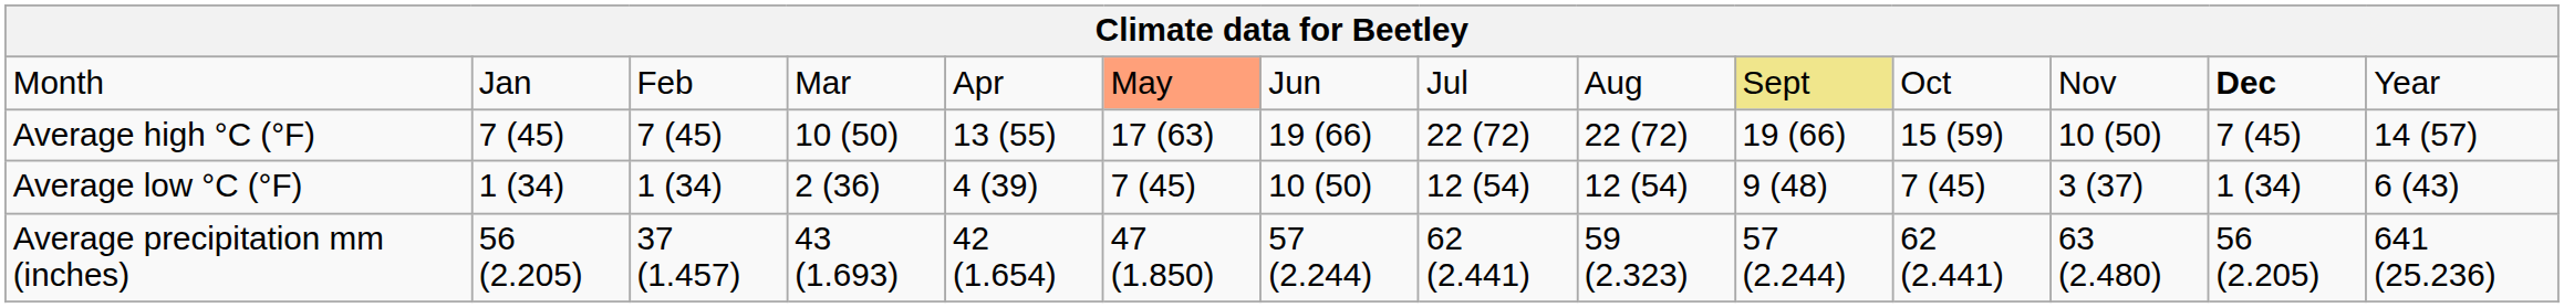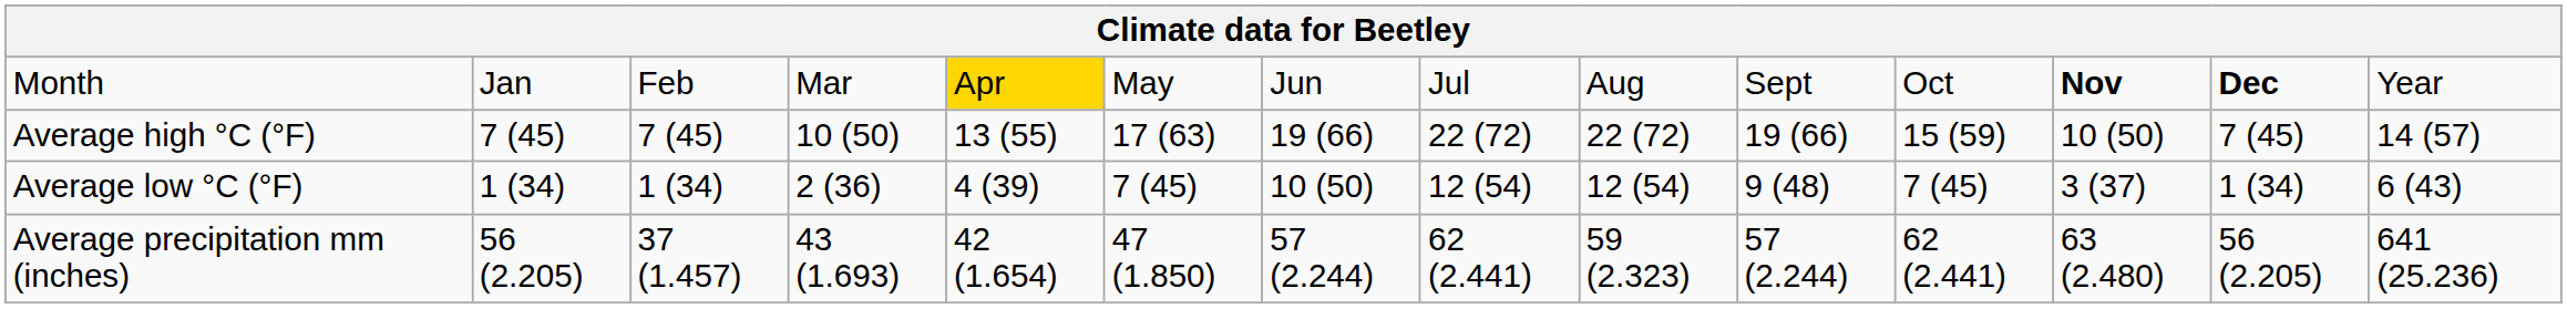 <table class="wikitable">
 <tr>
 <th colspan="14">Climate data for Beetley</th>
 </tr>
 <tr>
 <td>Month</td>
 <td>Jan</td>
 <td>Feb</td>
 <td>Mar</td>
-<td>Apr</td>
-<td style="background: lightsalmon;">May</td>
+<td style="background: gold;">Apr</td>
+<td>May</td>
 <td>Jun</td>
 <td>Jul</td>
 <td>Aug</td>
-<td style="background: khaki;">Sept</td>
+<td>Sept</td>
 <td>Oct</td>
-<td>Nov</td>
+<td><strong>Nov</strong></td>
 <td><strong>Dec</strong></td>
 <td>Year</td>
 </tr>
 <tr>
 <td>Average high °C (°F)</td>
 <td>7 (45)</td>
 <td>7 (45)</td>
 <td>10 (50)</td>
 <td>13 (55)</td>
 <td>17 (63)</td>
 <td>19 (66)</td>
 <td>22 (72)</td>
 <td>22 (72)</td>
 <td>19 (66)</td>
 <td>15 (59)</td>
 <td>10 (50)</td>
 <td>7 (45)</td>
 <td>14 (57)</td>
 </tr>
 <tr>
 <td>Average low °C (°F)</td>
 <td>1 (34)</td>
 <td>1 (34)</td>
 <td>2 (36)</td>
 <td>4 (39)</td>
 <td>7 (45)</td>
 <td>10 (50)</td>
 <td>12 (54)</td>
 <td>12 (54)</td>
 <td>9 (48)</td>
 <td>7 (45)</td>
 <td>3 (37)</td>
 <td>1 (34)</td>
 <td>6 (43)</td>
 </tr>
 <tr>
 <td>Average precipitation mm (inches)</td>
 <td>56 (2.205)</td>
 <td>37 (1.457)</td>
 <td>43 (1.693)</td>
 <td>42 (1.654)</td>
 <td>47 (1.850)</td>
 <td>57 (2.244)</td>
 <td>62 (2.441)</td>
 <td>59 (2.323)</td>
 <td>57 (2.244)</td>
 <td>62 (2.441)</td>
 <td>63 (2.480)</td>
 <td>56 (2.205)</td>
 <td>641 (25.236)</td>
 </tr>
 </table>
